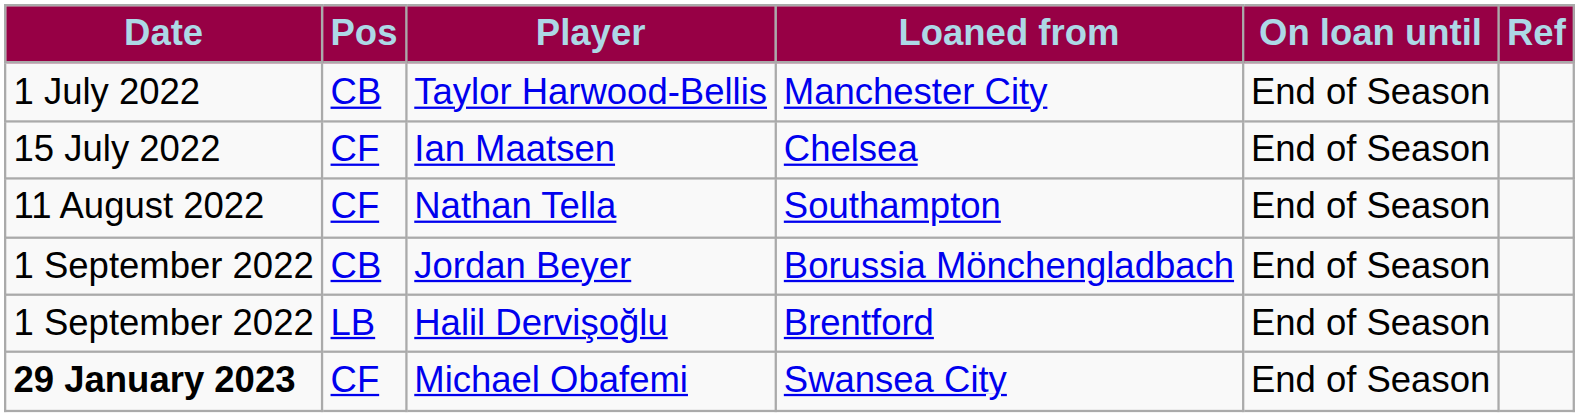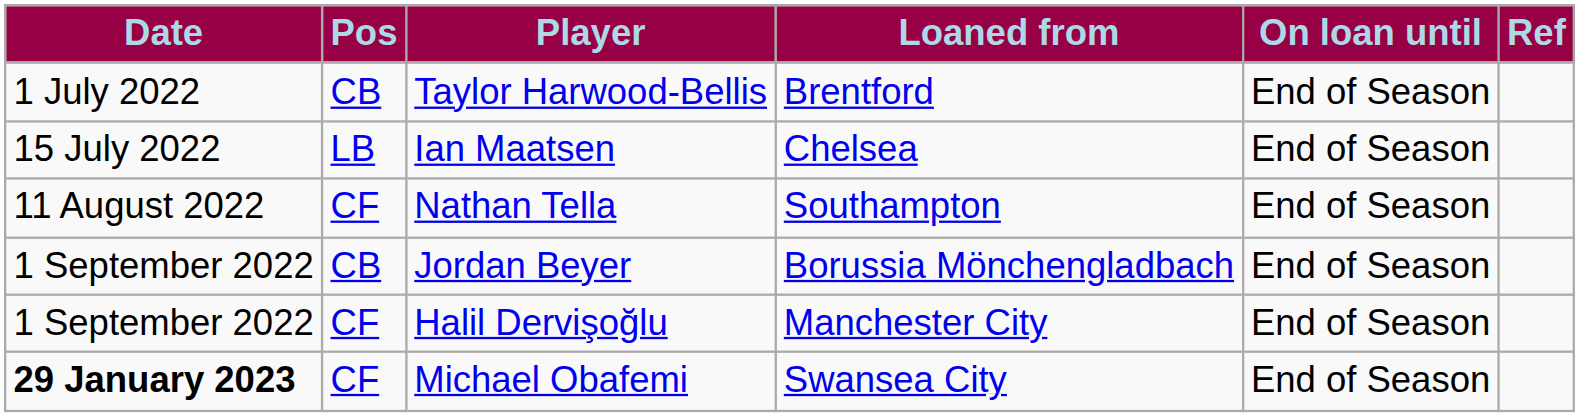 <table class="wikitable plainrowheaders sortable">
 <tr>
 <th style="background:#970045; color:#ADD8E6; ">Date</th>
 <th style="background:#970045; color:#ADD8E6; ">Pos</th>
 <th style="background:#970045; color:#ADD8E6; ">Player</th>
 <th style="background:#970045; color:#ADD8E6; ">Loaned from</th>
 <th style="background:#970045; color:#ADD8E6; ">On loan until</th>
 <th style="background:#970045; color:#ADD8E6; ">Ref</th>
 </tr>
 <tr>
 <td>1 July 2022</td>
 <td><a href='#'>CB</a></td>
 <td> <a href='#'>Taylor Harwood-Bellis</a></td>
-<td> <a href='#'>Manchester City</a></td>
+<td> <a href='#'>Brentford</a></td>
 <td>End of Season</td>
 <td></td>
 </tr>
 <tr>
 <td>15 July 2022</td>
-<td><a href='#'>CF</a></td>
+<td><a href='#'>LB</a></td>
 <td> <a href='#'>Ian Maatsen</a></td>
 <td> <a href='#'>Chelsea</a></td>
 <td>End of Season</td>
 <td></td>
 </tr>
 <tr>
 <td>11 August 2022</td>
 <td><a href='#'>CF</a></td>
 <td> <a href='#'>Nathan Tella</a></td>
 <td> <a href='#'>Southampton</a></td>
 <td>End of Season</td>
 <td></td>
 </tr>
 <tr>
 <td>1 September 2022</td>
 <td><a href='#'>CB</a></td>
 <td> <a href='#'>Jordan Beyer</a></td>
 <td> <a href='#'>Borussia Mönchengladbach</a></td>
 <td>End of Season</td>
 <td></td>
 </tr>
 <tr>
 <td>1 September 2022</td>
-<td><a href='#'>LB</a></td>
+<td><a href='#'>CF</a></td>
 <td> <a href='#'>Halil Dervişoğlu</a></td>
-<td> <a href='#'>Brentford</a></td>
+<td> <a href='#'>Manchester City</a></td>
 <td>End of Season</td>
 <td></td>
 </tr>
 <tr>
 <td><strong>29 January 2023</strong></td>
 <td><a href='#'>CF</a></td>
 <td> <a href='#'>Michael Obafemi</a></td>
 <td> <a href='#'>Swansea City</a></td>
 <td>End of Season</td>
 <td></td>
 </tr>
 </table>
